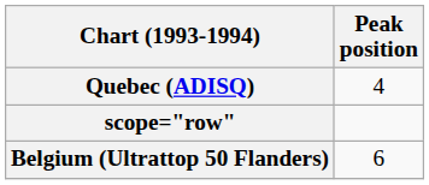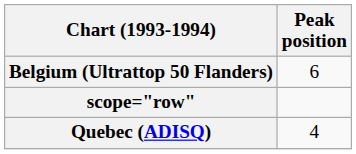 <table class="wikitable sortable plainrowheaders">
 <tr>
 <th>Chart (1993-1994)</th>
 <th>Peak<br>position</th>
 </tr>
 <tr>
-<th scope="row">Quebec (<a href='#'>ADISQ</a>)</th>
-<td align="center">4</td>
+<th scope="row">Belgium (Ultrattop 50 Flanders)</th>
+<td align="center">6</td>
 </tr>
 <tr>
 <th>scope="row"</th>
 </tr>
 <tr>
-<th scope="row">Belgium (Ultrattop 50 Flanders)</th>
-<td align="center">6</td>
+<th scope="row">Quebec (<a href='#'>ADISQ</a>)</th>
+<td align="center">4</td>
 </tr>
 <tr>
 </tr>
 </table>
